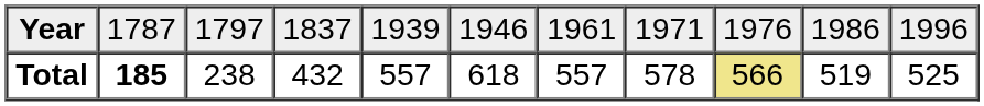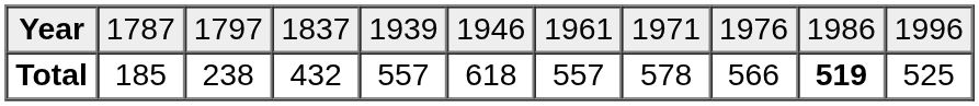 <table border="1" cellpadding="2" cellspacing="0" width="500">
 <tr bgcolor="#eeeeee" align="center">
 <td><strong>Year</strong></td>
 <td>1787</td>
 <td>1797</td>
 <td>1837</td>
 <td>1939</td>
 <td>1946</td>
 <td>1961</td>
 <td>1971</td>
 <td>1976</td>
 <td>1986</td>
 <td>1996</td>
 </tr>
 <tr align="center">
 <td><strong>Total</strong></td>
-<td><strong>185</strong></td>
+<td>185</td>
 <td>238</td>
 <td>432</td>
 <td>557</td>
 <td>618</td>
 <td>557</td>
 <td>578</td>
-<td style="background: khaki;">566</td>
-<td>519</td>
+<td>566</td>
+<td><strong>519</strong></td>
 <td>525</td>
 </tr>
 </table>
